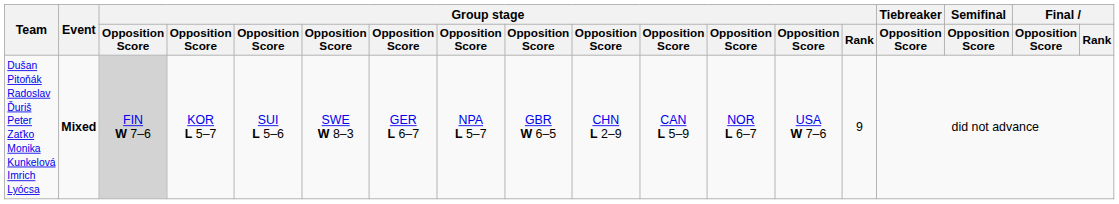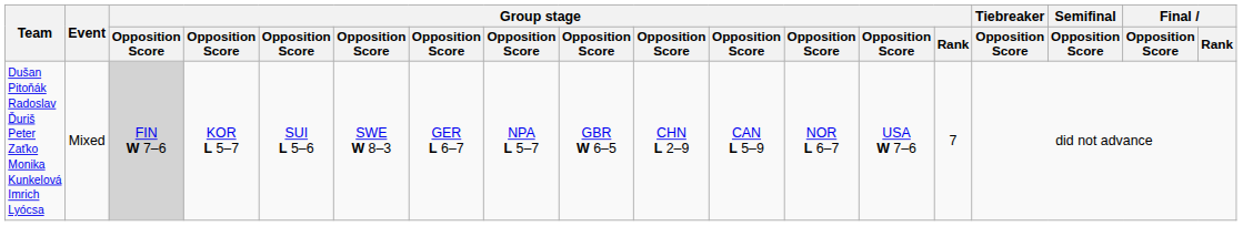 <table class=wikitable style="font-size:90%">
 <tr>
 <th rowspan=2>Team</th>
 <th rowspan=2>Event</th>
 <th colspan=12>Group stage</th>
 <th>Tiebreaker</th>
 <th>Semifinal</th>
 <th colspan=2>Final / </th>
 </tr>
 <tr style="font-size:95%">
 <th>Opposition<br>Score</th>
 <th>Opposition<br>Score</th>
 <th>Opposition<br>Score</th>
 <th>Opposition<br>Score</th>
 <th>Opposition<br>Score</th>
 <th>Opposition<br>Score</th>
 <th>Opposition<br>Score</th>
 <th>Opposition<br>Score</th>
 <th>Opposition<br>Score</th>
 <th>Opposition<br>Score</th>
 <th>Opposition<br>Score</th>
 <th>Rank</th>
 <th>Opposition<br>Score</th>
 <th>Opposition<br>Score</th>
 <th>Opposition<br>Score</th>
 <th>Rank</th>
 </tr>
 <tr align="center">
 <td align="left"><small><a href='#'>Dušan Pitoňák</a><br><a href='#'>Radoslav Ďuriš</a><br><a href='#'>Peter Zaťko</a><br><a href='#'>Monika Kunkelová</a><br><a href='#'>Imrich Lyócsa</a></small></td>
-<td><strong>Mixed</strong></td>
+<td>Mixed</td>
 <td style="background: lightgrey;"> <a href='#'>FIN</a><br> <strong>W</strong> 7–6</td>
 <td> <a href='#'>KOR</a><br> <strong>L</strong> 5–7</td>
 <td> <a href='#'>SUI</a><br> <strong>L</strong> 5–6</td>
 <td> <a href='#'>SWE</a><br> <strong>W</strong> 8–3</td>
 <td> <a href='#'>GER</a><br> <strong>L</strong> 6–7</td>
 <td> <a href='#'>NPA</a><br> <strong>L</strong> 5–7</td>
 <td> <a href='#'>GBR</a><br> <strong>W</strong> 6–5</td>
 <td> <a href='#'>CHN</a><br> <strong>L</strong> 2–9</td>
 <td> <a href='#'>CAN</a><br> <strong>L</strong> 5–9</td>
 <td> <a href='#'>NOR</a><br> <strong>L</strong> 6–7</td>
 <td> <a href='#'>USA</a><br> <strong>W</strong> 7–6</td>
-<td>9</td>
+<td>7</td>
 <td colspan=4>did not advance</td>
 </tr>
 </table>
